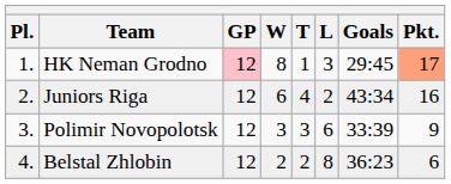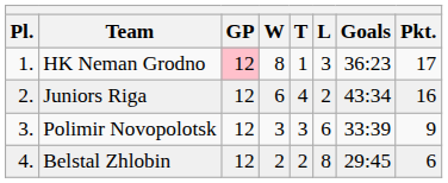 <table class="wikitable">
 <tr>
 <th colspan="9"></th>
 </tr>
 <tr bgcolor = "#e0e0e0">
 <th>Pl.</th>
 <th>Team</th>
 <th>GP</th>
 <th>W</th>
 <th>T</th>
 <th>L</th>
 <th>Goals</th>
 <th>Pkt.</th>
 </tr>
 <tr align="right">
 <td>1.</td>
 <td align="left">HK Neman Grodno</td>
 <td style="background: pink;">12</td>
 <td>8</td>
 <td>1</td>
 <td>3</td>
-<td>29:45</td>
-<td style="background: lightsalmon;">17</td>
+<td>36:23</td>
+<td>17</td>
 </tr>
 <tr align="right" bgcolor="#f0f0f0">
 <td>2.</td>
 <td align="left">Juniors Riga</td>
 <td>12</td>
 <td>6</td>
 <td>4</td>
 <td>2</td>
 <td>43:34</td>
 <td>16</td>
 </tr>
 <tr align="right">
 <td>3.</td>
 <td align="left">Polimir Novopolotsk</td>
 <td>12</td>
 <td>3</td>
 <td>3</td>
 <td>6</td>
 <td>33:39</td>
 <td>9</td>
 </tr>
 <tr align="right" bgcolor="#f0f0f0">
 <td>4.</td>
 <td align="left">Belstal Zhlobin</td>
 <td>12</td>
 <td>2</td>
 <td>2</td>
 <td>8</td>
-<td>36:23</td>
+<td>29:45</td>
 <td>6</td>
 </tr>
 </table>
